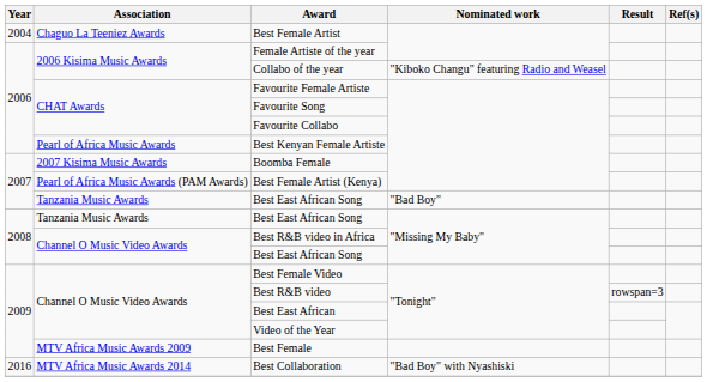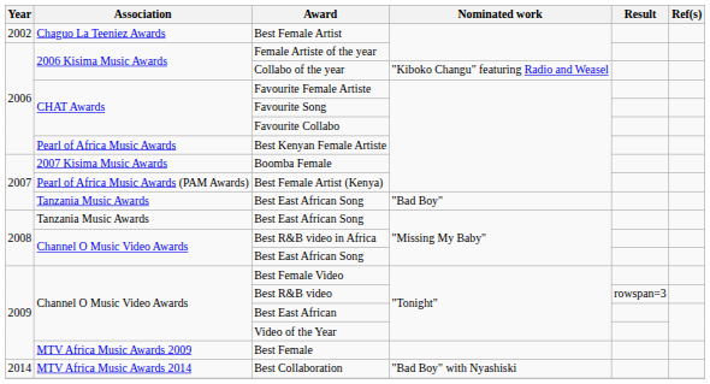 <table class="wikitable">
 <tr>
 <th>Year</th>
 <th>Association</th>
 <th>Award</th>
 <th>Nominated work</th>
 <th>Result</th>
 <th>Ref(s)</th>
 </tr>
 <tr>
-<td>2004</td>
+<td>2002</td>
 <td><a href='#'>Chaguo La Teeniez Awards</a></td>
 <td>Best Female Artist</td>
 <td rowspan=2 style="text-align:center;"></td>
 <td></td>
 <td></td>
 </tr>
 <tr>
 <td rowspan=6>2006</td>
 <td rowspan=2><a href='#'>2006 Kisima Music Awards</a></td>
 <td>Female Artiste of the year</td>
 <td></td>
 <td></td>
 </tr>
 <tr>
 <td>Collabo of the year</td>
 <td>"Kiboko Changu" featuring <a href='#'>Radio and Weasel</a></td>
 <td></td>
 <td></td>
 </tr>
 <tr>
 <td rowspan=3><a href='#'>CHAT Awards</a></td>
 <td>Favourite Female Artiste</td>
 <td rowspan=6 style="text-align:center;"></td>
 <td></td>
 <td></td>
 </tr>
 <tr>
 <td>Favourite Song</td>
 <td></td>
 <td></td>
 </tr>
 <tr>
 <td>Favourite Collabo</td>
 <td></td>
 <td></td>
 </tr>
 <tr>
 <td><a href='#'>Pearl of Africa Music Awards</a></td>
 <td>Best Kenyan Female Artiste</td>
 <td></td>
 <td></td>
 </tr>
 <tr>
 <td rowspan=3>2007</td>
 <td><a href='#'>2007 Kisima Music Awards</a></td>
 <td>Boomba Female</td>
 <td></td>
 <td></td>
 </tr>
 <tr>
 <td><a href='#'>Pearl of Africa Music Awards</a> (PAM Awards)</td>
 <td>Best Female Artist (Kenya)</td>
 <td></td>
 <td></td>
 </tr>
 <tr>
 <td><a href='#'>Tanzania Music Awards</a></td>
 <td>Best East African Song</td>
 <td>"Bad Boy"</td>
 <td></td>
 <td></td>
 </tr>
 <tr>
 <td rowspan=3>2008</td>
 <td>Tanzania Music Awards</td>
 <td>Best East African Song</td>
 <td rowspan=3>"Missing My Baby"</td>
 <td></td>
 <td></td>
 </tr>
 <tr>
 <td rowspan=2><a href='#'>Channel O Music Video Awards</a></td>
 <td>Best R&B video in Africa</td>
 <td></td>
 <td></td>
 </tr>
 <tr>
 <td>Best East African Song</td>
 <td></td>
 <td></td>
 </tr>
 <tr>
 <td rowspan=5>2009</td>
 <td rowspan=4>Channel O Music Video Awards</td>
 <td>Best Female Video</td>
 <td rowspan=4>"Tonight"</td>
 <td></td>
 <td></td>
 </tr>
 <tr>
 <td>Best R&B video</td>
 <td>rowspan=3 </td>
 <td></td>
 </tr>
 <tr>
 <td>Best East African</td>
 <td></td>
 </tr>
 <tr>
 <td>Video of the Year</td>
 <td></td>
 </tr>
 <tr>
 <td><a href='#'>MTV Africa Music Awards 2009</a></td>
 <td>Best Female</td>
 <td style="text-align:center;"></td>
 <td></td>
 <td></td>
 </tr>
 <tr>
-<td>2016</td>
+<td>2014</td>
 <td><a href='#'>MTV Africa Music Awards 2014</a></td>
 <td>Best Collaboration</td>
 <td>"Bad Boy" with Nyashiski</td>
 <td></td>
 <td></td>
 </tr>
 <tr>
 </tr>
 </table>
